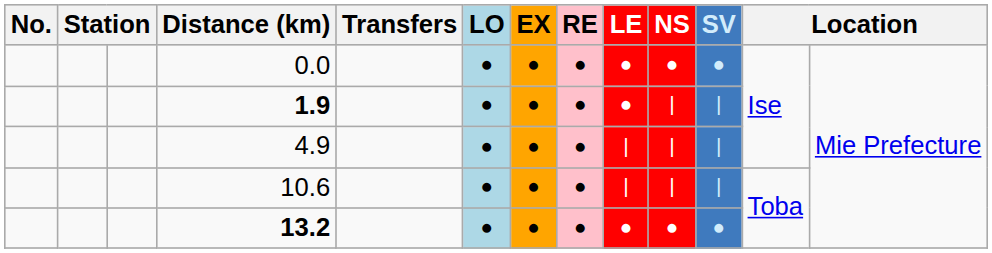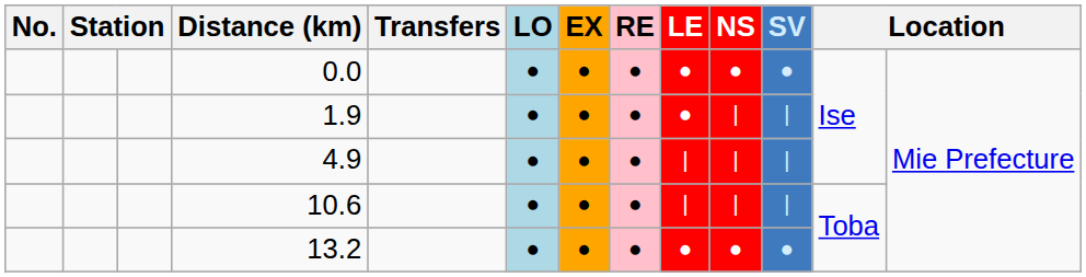 <table class=wikitable>
 <tr>
 <th>No.</th>
 <th colspan="2">Station</th>
 <th>Distance (km)</th>
 <th>Transfers</th>
 <th style="background:lightblue; color:black;">LO</th>
 <th style="background:orange; color:black;">EX</th>
 <th style="background:pink; color:black;">RE</th>
 <th style="background:red; color:white;">LE</th>
 <th style="background:red; color:white;">NS</th>
 <th style="background:#3f7abe; color: #d2ecfb;">SV</th>
 <th colspan="2">Location</th>
 </tr>
 <tr>
 <td></td>
 <td></td>
 <td></td>
 <td style="text-align:right;">0.0</td>
 <td> </td>
 <td style="text-align:center; font-family:monospace; background:lightblue; color:black;">●</td>
 <td style="text-align:center; font-family:monospace; background:orange; color:black;">●</td>
 <td style="text-align:center; font-family:monospace; background:pink; color:black;">●</td>
 <td style="text-align:center; font-family:monospace; background:red; color:white;">●</td>
 <td style="text-align:center; font-family:monospace; background:red; color:white;">●</td>
 <td style="text-align:center; font-family:monospace; background:#3f7abe; color: #d2ecfb;">●</td>
 <td rowspan="3"><a href='#'>Ise</a></td>
 <td rowspan="5"><a href='#'>Mie Prefecture</a></td>
 </tr>
 <tr>
 <td></td>
 <td></td>
 <td></td>
-<td style="text-align:right;"><strong>1.9</strong></td>
+<td style="text-align:right;">1.9</td>
 <td></td>
 <td style="text-align:center; font-family:monospace; background:lightblue; color:black;">●</td>
 <td style="text-align:center; font-family:monospace; background:orange; color:black;">●</td>
 <td style="text-align:center; font-family:monospace; background:pink; color:black;">●</td>
 <td style="text-align:center; font-family:monospace; background:red; color:white;">●</td>
 <td style="text-align:center; font-family:monospace; background:red; color:white;">|</td>
 <td style="text-align:center; font-family:monospace; background:#3f7abe; color: #d2ecfb;">|</td>
 </tr>
 <tr>
 <td></td>
 <td></td>
 <td></td>
 <td style="text-align:right;">4.9</td>
 <td></td>
 <td style="text-align:center; font-family:monospace; background:lightblue; color:black;">●</td>
 <td style="text-align:center; font-family:monospace; background:orange; color:black;">●</td>
 <td style="text-align:center; font-family:monospace; background:pink; color:black;">●</td>
 <td style="text-align:center; font-family:monospace; background:red; color:white;">|</td>
 <td style="text-align:center; font-family:monospace; background:red; color:white;">|</td>
 <td style="text-align:center; font-family:monospace; background:#3f7abe; color: #d2ecfb;">|</td>
 </tr>
 <tr>
 <td></td>
 <td></td>
 <td></td>
 <td style="text-align:right;">10.6</td>
 <td></td>
 <td style="text-align:center; font-family:monospace; background:lightblue; color:black;">●</td>
 <td style="text-align:center; font-family:monospace; background:orange; color:black;">●</td>
 <td style="text-align:center; font-family:monospace; background:pink; color:black;">●</td>
 <td style="text-align:center; font-family:monospace; background:red; color:white;">|</td>
 <td style="text-align:center; font-family:monospace; background:red; color:white;">|</td>
 <td style="text-align:center; font-family:monospace; background:#3f7abe; color: #d2ecfb;">|</td>
 <td rowspan="2" style="text-align:center;"><a href='#'>Toba</a></td>
 </tr>
 <tr>
 <td></td>
 <td></td>
 <td></td>
-<td style="text-align:right;"><strong>13.2</strong></td>
+<td style="text-align:right;">13.2</td>
 <td><br> </td>
 <td style="text-align:center; font-family:monospace; background:lightblue; color:black;">●</td>
 <td style="text-align:center; font-family:monospace; background:orange; color:black;">●</td>
 <td style="text-align:center; font-family:monospace; background:pink; color:black;">●</td>
 <td style="text-align:center; font-family:monospace; background:red; color:white;">●</td>
 <td style="text-align:center; font-family:monospace; background:red; color:white;">●</td>
 <td style="text-align:center; font-family:monospace; background:#3f7abe; color: #d2ecfb;">●</td>
 </tr>
 </table>
